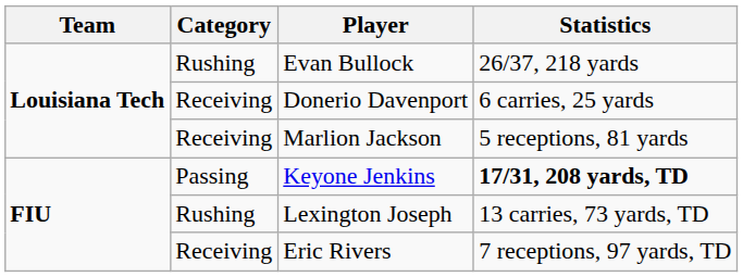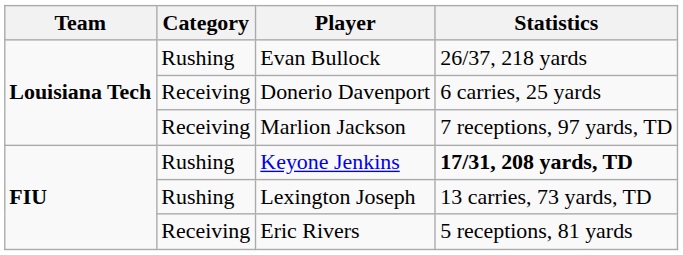 <table class="wikitable" style="float: right;">
 <tr>
 <th>Team</th>
 <th>Category</th>
 <th>Player</th>
 <th>Statistics</th>
 </tr>
 <tr>
 <td rowspan=3><strong>Louisiana Tech</strong></td>
 <td>Rushing</td>
 <td>Evan Bullock</td>
 <td>26/37, 218 yards</td>
 </tr>
 <tr>
 <td>Receiving</td>
 <td>Donerio Davenport</td>
 <td>6 carries, 25 yards</td>
 </tr>
 <tr>
 <td>Receiving</td>
 <td>Marlion Jackson</td>
-<td>5 receptions, 81 yards</td>
+<td>7 receptions, 97 yards, TD</td>
 </tr>
 <tr>
 <td rowspan=3><strong>FIU</strong></td>
-<td>Passing</td>
+<td>Rushing</td>
 <td><a href='#'>Keyone Jenkins</a></td>
 <td><strong>17/31, 208 yards, TD</strong></td>
 </tr>
 <tr>
 <td>Rushing</td>
 <td>Lexington Joseph</td>
 <td>13 carries, 73 yards, TD</td>
 </tr>
 <tr>
 <td>Receiving</td>
 <td>Eric Rivers</td>
-<td>7 receptions, 97 yards, TD</td>
+<td>5 receptions, 81 yards</td>
 </tr>
 </table>
